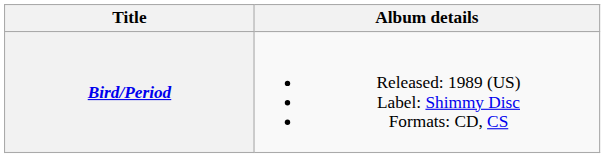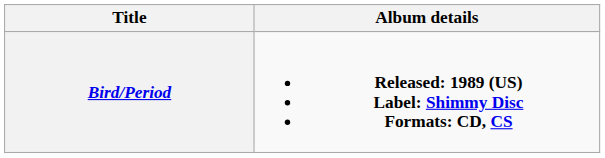 <table class="wikitable plainrowheaders" style="text-align:center;">
 <tr>
 <th scope="col" rowspan="1" style="width:14em;">Title</th>
 <th scope="col" rowspan="1" style="width:19.5em;">Album details</th>
 </tr>
 <tr>
 <th scope="row"><em><a href='#'>Bird/Period</a></em></th>
-<td><br><ul><li>Released: 1989 <span>(US)</span></li><li>Label: <a href='#'>Shimmy Disc</a></li><li>Formats: CD, <a href='#'>CS</a></li></ul></td>
+<td><strong><br><ul><li>Released: 1989 <span>(US)</span></li><li>Label: <a href='#'>Shimmy Disc</a></li><li>Formats: CD, <a href='#'>CS</a></li></ul></strong></td>
 </tr>
 </table>
